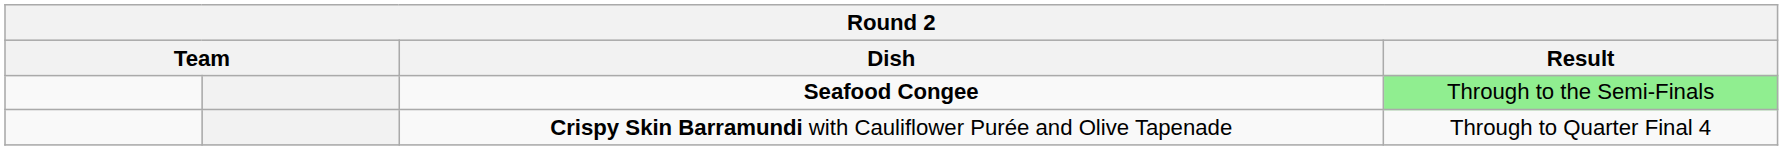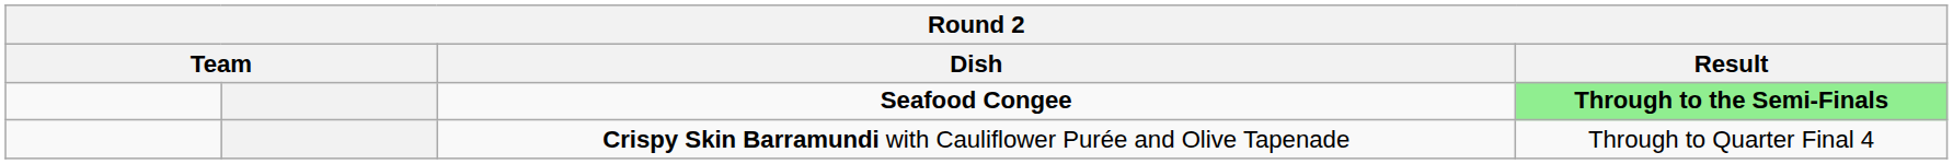 <table class="wikitable plainrowheaders" style="text-align:center; font-size:90%; width:80em; margin-left: auto; margin-right: auto; border: none;">
 <tr>
 <th colspan="4" >Round 2</th>
 </tr>
 <tr>
 <th colspan="2" style="width:20%;">Team</th>
 <th style="width:50%;">Dish</th>
 <th style="width:20%;">Result</th>
 </tr>
 <tr>
 <td></td>
 <th></th>
 <td><strong>Seafood Congee</strong></td>
-<td style="background:lightgreen">Through to the Semi-Finals</td>
+<td style="background:lightgreen"><strong>Through to the Semi-Finals</strong></td>
 </tr>
 <tr>
 <td></td>
 <th></th>
 <td><strong>Crispy Skin Barramundi</strong> with Cauliflower Purée and Olive Tapenade</td>
 <td>Through to Quarter Final 4</td>
 </tr>
 </table>
